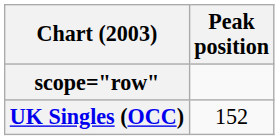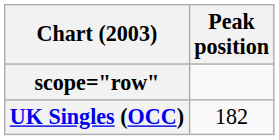 <table class="wikitable sortable plainrowheaders" style="text-align:center">
 <tr>
 <th scope="col">Chart (2003)</th>
 <th scope="col">Peak<br>position</th>
 </tr>
 <tr>
 <th>scope="row" </th>
 </tr>
 <tr>
 <th scope="row"><a href='#'>UK Singles</a> (<a href='#'>OCC</a>)</th>
-<td>152</td>
+<td>182</td>
 </tr>
 </table>
